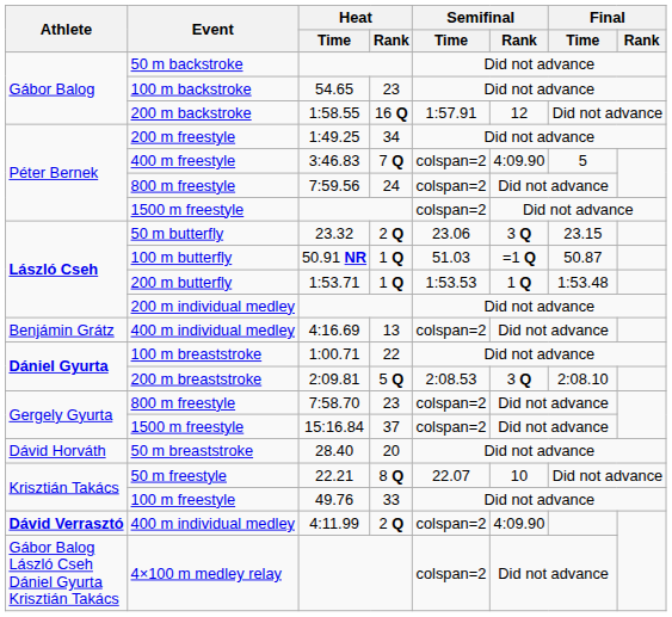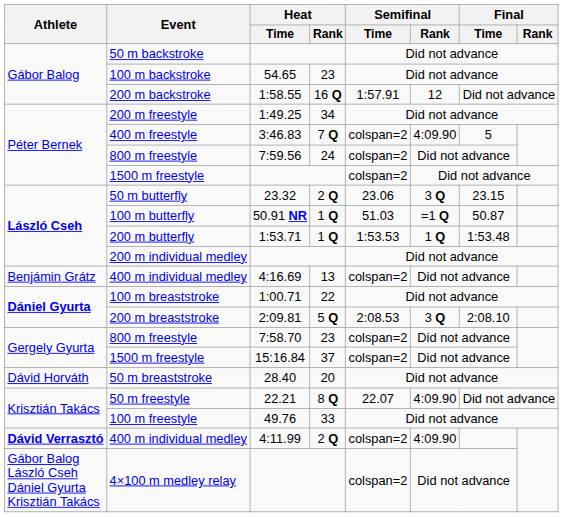 <table class=wikitable style="font-size:90%">
 <tr>
 <th rowspan="2">Athlete</th>
 <th rowspan="2">Event</th>
 <th colspan="2">Heat</th>
 <th colspan="2">Semifinal</th>
 <th colspan="2">Final</th>
 </tr>
 <tr style="font-size:95%">
 <th>Time</th>
 <th>Rank</th>
 <th>Time</th>
 <th>Rank</th>
 <th>Time</th>
 <th>Rank</th>
 </tr>
 <tr align=center>
 <td align=left rowspan=3><a href='#'>Gábor Balog</a></td>
 <td align=left><a href='#'>50 m backstroke</a></td>
 <td colspan=2></td>
 <td colspan=4>Did not advance</td>
 </tr>
 <tr align=center>
 <td align=left><a href='#'>100 m backstroke</a></td>
 <td>54.65</td>
 <td>23</td>
 <td colspan=4>Did not advance</td>
 </tr>
 <tr align=center>
 <td align=left><a href='#'>200 m backstroke</a></td>
 <td>1:58.55</td>
 <td>16 <strong>Q</strong></td>
 <td>1:57.91</td>
 <td>12</td>
 <td colspan=2>Did not advance</td>
 </tr>
 <tr align=center>
 <td align=left rowspan=4><a href='#'>Péter Bernek</a></td>
 <td align=left><a href='#'>200 m freestyle</a></td>
 <td>1:49.25</td>
 <td>34</td>
 <td colspan=4>Did not advance</td>
 </tr>
 <tr align=center>
 <td align=left><a href='#'>400 m freestyle</a></td>
 <td>3:46.83</td>
 <td>7 <strong>Q</strong></td>
 <td>colspan=2 </td>
 <td>4:09.90</td>
 <td>5</td>
 </tr>
 <tr align=center>
 <td align=left><a href='#'>800 m freestyle</a></td>
 <td>7:59.56</td>
 <td>24</td>
 <td>colspan=2 </td>
 <td colspan=2>Did not advance</td>
 </tr>
 <tr align=center>
 <td align=left><a href='#'>1500 m freestyle</a></td>
 <td colspan=2></td>
 <td>colspan=2 </td>
 <td colspan=4>Did not advance</td>
 </tr>
 <tr align=center>
 <td align=left rowspan=4><strong><a href='#'>László Cseh</a></strong></td>
 <td align=left><a href='#'>50 m butterfly</a></td>
 <td>23.32</td>
 <td>2 <strong>Q</strong></td>
 <td>23.06</td>
 <td>3 <strong>Q</strong></td>
 <td>23.15</td>
 <td></td>
 </tr>
 <tr align=center>
 <td align=left><a href='#'>100 m butterfly</a></td>
 <td>50.91 <strong><a href='#'>NR</a></strong></td>
 <td>1 <strong>Q</strong></td>
 <td>51.03</td>
 <td>=1 <strong>Q</strong></td>
 <td>50.87</td>
 <td></td>
 </tr>
 <tr align=center>
 <td align=left><a href='#'>200 m butterfly</a></td>
 <td>1:53.71</td>
 <td>1 <strong>Q</strong></td>
 <td>1:53.53</td>
 <td>1 <strong>Q</strong></td>
 <td>1:53.48</td>
 <td></td>
 </tr>
 <tr align=center>
 <td align=left><a href='#'>200 m individual medley</a></td>
 <td colspan=2></td>
 <td colspan=4>Did not advance</td>
 </tr>
 <tr align=center>
 <td align=left><a href='#'>Benjámin Grátz</a></td>
 <td align=left><a href='#'>400 m individual medley</a></td>
 <td>4:16.69</td>
 <td>13</td>
 <td>colspan=2 </td>
 <td colspan=2>Did not advance</td>
 </tr>
 <tr align=center>
 <td align=left rowspan=2><strong><a href='#'>Dániel Gyurta</a></strong></td>
 <td align=left><a href='#'>100 m breaststroke</a></td>
 <td>1:00.71</td>
 <td>22</td>
 <td colspan=4>Did not advance</td>
 </tr>
 <tr align=center>
 <td align=left><a href='#'>200 m breaststroke</a></td>
 <td>2:09.81</td>
 <td>5 <strong>Q</strong></td>
 <td>2:08.53</td>
 <td>3 <strong>Q</strong></td>
 <td>2:08.10</td>
 <td></td>
 </tr>
 <tr align=center>
 <td align=left rowspan=2><a href='#'>Gergely Gyurta</a></td>
 <td align=left><a href='#'>800 m freestyle</a></td>
 <td>7:58.70</td>
 <td>23</td>
 <td>colspan=2 </td>
 <td colspan=2>Did not advance</td>
 </tr>
 <tr align=center>
 <td align=left><a href='#'>1500 m freestyle</a></td>
 <td>15:16.84</td>
 <td>37</td>
 <td>colspan=2 </td>
 <td colspan=2>Did not advance</td>
 </tr>
 <tr align=center>
 <td align=left><a href='#'>Dávid Horváth</a></td>
 <td align=left><a href='#'>50 m breaststroke</a></td>
 <td>28.40</td>
 <td>20</td>
 <td colspan=4>Did not advance</td>
 </tr>
 <tr align=center>
 <td align=left rowspan=2><a href='#'>Krisztián Takács</a></td>
 <td align=left><a href='#'>50 m freestyle</a></td>
 <td>22.21</td>
 <td>8 <strong>Q</strong></td>
 <td>22.07</td>
-<td>10</td>
+<td>4:09.90</td>
 <td colspan=2>Did not advance</td>
 </tr>
 <tr align=center>
 <td align=left><a href='#'>100 m freestyle</a></td>
 <td>49.76</td>
 <td>33</td>
 <td colspan=4>Did not advance</td>
 </tr>
 <tr align=center>
 <td align=left><strong><a href='#'>Dávid Verrasztó</a></strong></td>
 <td align=left><a href='#'>400 m individual medley</a></td>
 <td>4:11.99</td>
 <td>2 <strong>Q</strong></td>
 <td>colspan=2 </td>
 <td>4:09.90</td>
 <td></td>
 </tr>
 <tr align=center>
 <td align=left><a href='#'>Gábor Balog</a><br><a href='#'>László Cseh</a><br><a href='#'>Dániel Gyurta</a><br><a href='#'>Krisztián Takács</a></td>
 <td align=left><a href='#'>4×100 m medley relay</a></td>
 <td colspan=2></td>
 <td>colspan=2 </td>
 <td colspan=2>Did not advance</td>
 </tr>
 </table>
